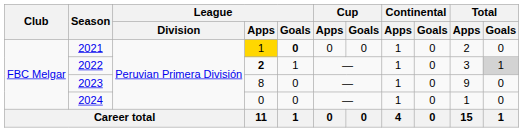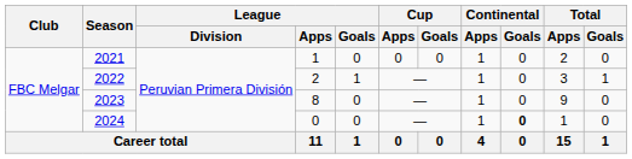 <table class="wikitable" style="text-align: center">
 <tr>
 <th rowspan="2">Club</th>
 <th rowspan="2">Season</th>
 <th colspan="3">League</th>
 <th colspan="2">Cup</th>
 <th colspan="2">Continental</th>
 <th colspan="2">Total</th>
 </tr>
 <tr>
 <th>Division</th>
 <th>Apps</th>
 <th>Goals</th>
 <th>Apps</th>
 <th>Goals</th>
 <th>Apps</th>
 <th>Goals</th>
 <th>Apps</th>
 <th>Goals</th>
 </tr>
 <tr>
 <td rowspan="4"><a href='#'>FBC Melgar</a></td>
 <td><a href='#'>2021</a></td>
 <td rowspan="4"><a href='#'>Peruvian Primera División</a></td>
-<td style="background: gold;">1</td>
-<td><strong>0</strong></td>
+<td>1</td>
+<td>0</td>
 <td>0</td>
 <td>0</td>
 <td>1</td>
 <td>0</td>
 <td>2</td>
 <td>0</td>
 </tr>
 <tr>
 <td><a href='#'>2022</a></td>
-<td><strong>2</strong></td>
+<td>2</td>
 <td>1</td>
 <td colspan="2">—</td>
 <td>1</td>
 <td>0</td>
 <td>3</td>
-<td style="background: lightgrey;">1</td>
+<td>1</td>
 </tr>
 <tr>
 <td><a href='#'>2023</a></td>
 <td>8</td>
 <td>0</td>
 <td colspan="2">—</td>
 <td>1</td>
 <td>0</td>
 <td>9</td>
 <td>0</td>
 </tr>
 <tr>
 <td><a href='#'>2024</a></td>
 <td>0</td>
 <td>0</td>
 <td colspan="2">—</td>
 <td>1</td>
-<td>0</td>
+<td><strong>0</strong></td>
 <td>1</td>
 <td>0</td>
 </tr>
 <tr>
 <th colspan="3"><strong>Career total</strong></th>
 <th>11</th>
 <th>1</th>
 <th>0</th>
 <th>0</th>
 <th>4</th>
 <th>0</th>
 <th>15</th>
 <th>1</th>
 </tr>
 </table>
